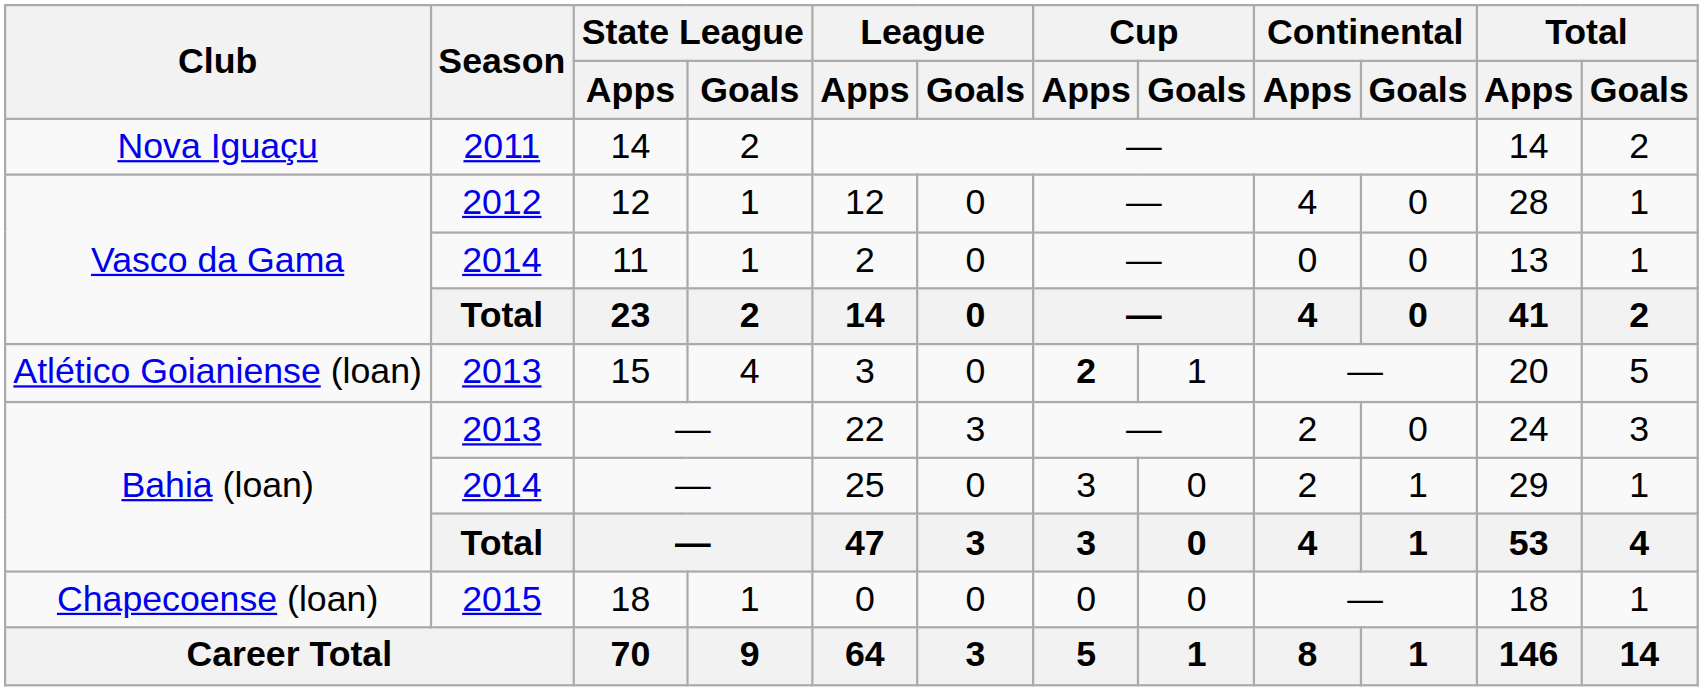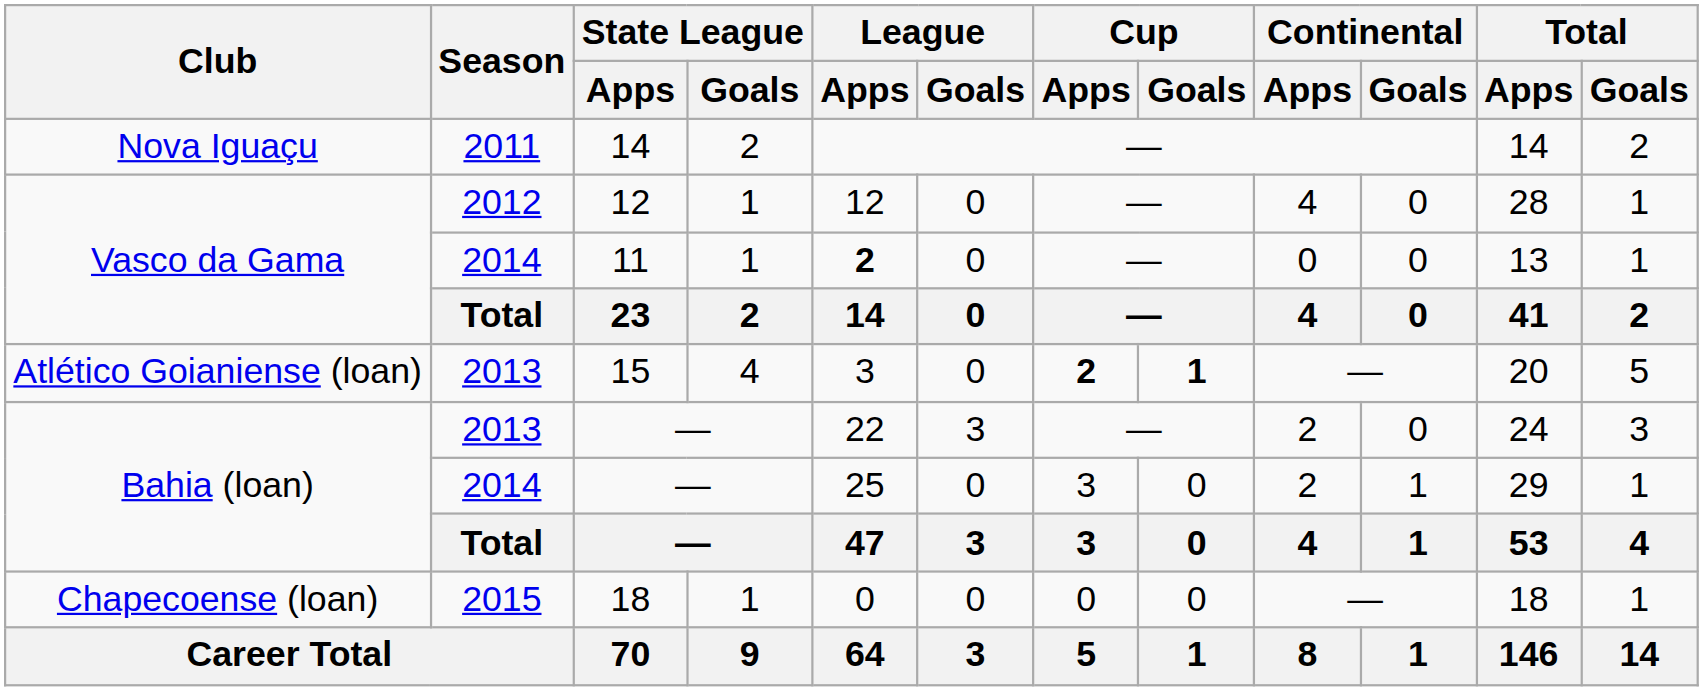 <table class="wikitable" style="text-align: center;">
 <tr>
 <th rowspan="2">Club</th>
 <th rowspan="2">Season</th>
 <th colspan="2">State League</th>
 <th colspan="2">League</th>
 <th colspan="2">Cup</th>
 <th colspan="2">Continental</th>
 <th colspan="2">Total</th>
 </tr>
 <tr>
 <th>Apps</th>
 <th>Goals</th>
 <th>Apps</th>
 <th>Goals</th>
 <th>Apps</th>
 <th>Goals</th>
 <th>Apps</th>
 <th>Goals</th>
 <th>Apps</th>
 <th>Goals</th>
 </tr>
 <tr>
 <td rowspan="1" valign="center"><a href='#'>Nova Iguaçu</a></td>
 <td><a href='#'>2011</a></td>
 <td>14</td>
 <td>2</td>
 <td colspan="6">—</td>
 <td>14</td>
 <td>2</td>
 </tr>
 <tr>
 <td rowspan="3" valign="center"><a href='#'>Vasco da Gama</a></td>
 <td><a href='#'>2012</a></td>
 <td>12</td>
 <td>1</td>
 <td>12</td>
 <td>0</td>
 <td colspan="2">—</td>
 <td>4</td>
 <td>0</td>
 <td>28</td>
 <td>1</td>
 </tr>
 <tr>
 <td><a href='#'>2014</a></td>
 <td>11</td>
 <td>1</td>
-<td>2</td>
+<td><strong>2</strong></td>
 <td>0</td>
 <td colspan="2">—</td>
 <td>0</td>
 <td>0</td>
 <td>13</td>
 <td>1</td>
 </tr>
 <tr>
 <th><strong>Total</strong></th>
 <th>23</th>
 <th>2</th>
 <th>14</th>
 <th>0</th>
 <th colspan="2">—</th>
 <th>4</th>
 <th>0</th>
 <th>41</th>
 <th>2</th>
 </tr>
 <tr>
 <td rowspan="1" valign="center"><a href='#'>Atlético Goianiense</a> (loan)</td>
 <td><a href='#'>2013</a></td>
 <td>15</td>
 <td>4</td>
 <td>3</td>
 <td>0</td>
 <td><strong>2</strong></td>
-<td>1</td>
+<td><strong>1</strong></td>
 <td colspan="2">—</td>
 <td>20</td>
 <td>5</td>
 </tr>
 <tr>
 <td rowspan="3" valign="center"><a href='#'>Bahia</a> (loan)</td>
 <td><a href='#'>2013</a></td>
 <td colspan="2">—</td>
 <td>22</td>
 <td>3</td>
 <td colspan="2">—</td>
 <td>2</td>
 <td>0</td>
 <td>24</td>
 <td>3</td>
 </tr>
 <tr>
 <td><a href='#'>2014</a></td>
 <td colspan="2">—</td>
 <td>25</td>
 <td>0</td>
 <td>3</td>
 <td>0</td>
 <td>2</td>
 <td>1</td>
 <td>29</td>
 <td>1</td>
 </tr>
 <tr>
 <th><strong>Total</strong></th>
 <th colspan="2">—</th>
 <th>47</th>
 <th>3</th>
 <th>3</th>
 <th>0</th>
 <th>4</th>
 <th>1</th>
 <th>53</th>
 <th>4</th>
 </tr>
 <tr>
 <td rowspan="1" valign="center"><a href='#'>Chapecoense</a> (loan)</td>
 <td><a href='#'>2015</a></td>
 <td>18</td>
 <td>1</td>
 <td>0</td>
 <td>0</td>
 <td>0</td>
 <td>0</td>
 <td colspan="2">—</td>
 <td>18</td>
 <td>1</td>
 </tr>
 <tr>
 <th colspan="2"><strong>Career Total</strong></th>
 <th>70</th>
 <th>9</th>
 <th>64</th>
 <th>3</th>
 <th>5</th>
 <th>1</th>
 <th>8</th>
 <th>1</th>
 <th>146</th>
 <th>14</th>
 </tr>
 </table>
